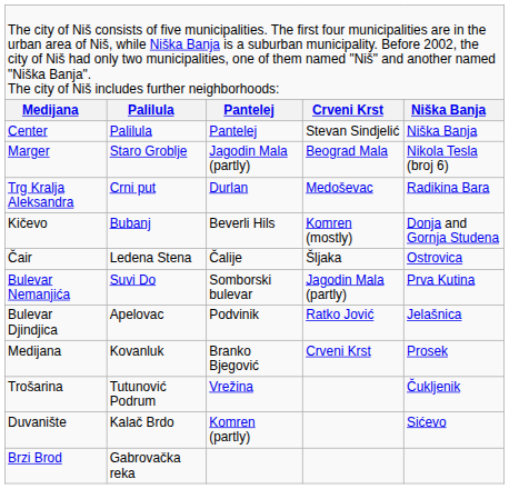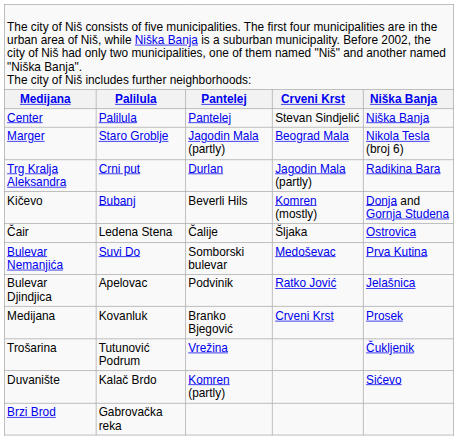 <table class="wikitable">
 <tr>
 <td colspan="5"><div><br>The city of Niš consists of five municipalities. The first four municipalities are in the urban area of Niš, while <a href='#'>Niška Banja</a> is a suburban municipality. Before 2002, the city of Niš had only two municipalities, one of them named "Niš" and another named "Niška Banja".<br>The city of Niš includes further neighborhoods: </div></td>
 </tr>
 <tr style="vertical-align:top; font-weight:bold;">
 <th><strong><a href='#'>Medijana</a></strong>   </th>
 <th><strong><a href='#'>Palilula</a></strong>   </th>
 <th><strong><a href='#'>Pantelej</a></strong>   </th>
 <th><strong><a href='#'>Crveni Krst</a></strong>   </th>
 <th><strong><a href='#'>Niška Banja</a></strong>   </th>
 </tr>
 <tr valign=top>
 <td><a href='#'>Center</a></td>
 <td><a href='#'>Palilula</a></td>
 <td><a href='#'>Pantelej</a></td>
 <td>Stevan Sindjelić</td>
 <td><a href='#'>Niška Banja</a></td>
 </tr>
 <tr valign=top>
 <td><a href='#'>Marger</a></td>
 <td><a href='#'>Staro Groblje</a></td>
 <td><a href='#'>Jagodin Mala</a> (partly)</td>
 <td><a href='#'>Beograd Mala</a></td>
 <td><a href='#'>Nikola Tesla</a> (broj 6)</td>
 </tr>
 <tr valign=top>
 <td><a href='#'>Trg Kralja Aleksandra</a></td>
 <td><a href='#'>Crni put</a></td>
 <td><a href='#'>Durlan</a></td>
-<td><a href='#'>Medoševac</a></td>
+<td><a href='#'>Jagodin Mala</a> (partly)</td>
 <td><a href='#'>Radikina Bara</a></td>
 </tr>
 <tr valign=top>
 <td>Kičevo</td>
 <td><a href='#'>Bubanj</a></td>
 <td>Beverli Hils</td>
 <td><a href='#'>Komren</a> (mostly)</td>
 <td><a href='#'>Donja</a> and <a href='#'>Gornja Studena</a></td>
 </tr>
 <tr valign=top>
 <td>Čair</td>
 <td>Ledena Stena</td>
 <td>Čalije</td>
 <td>Šljaka</td>
 <td><a href='#'>Ostrovica</a></td>
 </tr>
 <tr valign=top>
 <td><a href='#'>Bulevar Nemanjića</a></td>
 <td><a href='#'>Suvi Do</a></td>
 <td>Somborski bulevar</td>
-<td><a href='#'>Jagodin Mala</a> (partly)</td>
+<td><a href='#'>Medoševac</a></td>
 <td><a href='#'>Prva Kutina</a></td>
 </tr>
 <tr valign=top>
 <td>Bulevar Djindjica</td>
 <td>Apelovac</td>
 <td>Podvinik</td>
 <td><a href='#'>Ratko Jović</a></td>
 <td><a href='#'>Jelašnica</a></td>
 </tr>
 <tr valign=top>
 <td>Medijana</td>
 <td>Kovanluk</td>
 <td>Branko Bjegović</td>
 <td><a href='#'>Crveni Krst</a></td>
 <td><a href='#'>Prosek</a></td>
 </tr>
 <tr valign=top>
 <td>Trošarina</td>
 <td>Tutunović Podrum</td>
 <td><a href='#'>Vrežina</a></td>
 <td></td>
 <td><a href='#'>Čukljenik</a></td>
 </tr>
 <tr valign=top>
 <td>Duvanište</td>
 <td>Kalač Brdo</td>
 <td><a href='#'>Komren</a> (partly)</td>
 <td></td>
 <td><a href='#'>Sićevo</a></td>
 </tr>
 <tr valign=top>
 <td><a href='#'>Brzi Brod</a></td>
 <td>Gabrovačka reka</td>
 <td> </td>
 <td> </td>
 <td></td>
 </tr>
 </table>
